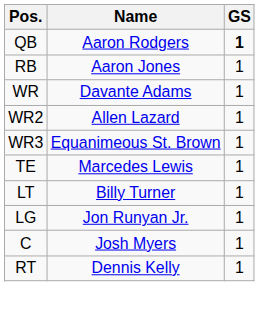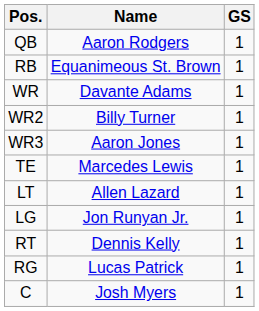 <table class="wikitable" style="text-align:center">
 <tr>
 <th>Pos.</th>
 <th>Name</th>
 <th>GS</th>
 </tr>
 <tr>
 <td>QB</td>
 <td><a href='#'>Aaron Rodgers</a></td>
-<td><strong>1</strong></td>
+<td>1</td>
 </tr>
 <tr>
 <td>RB</td>
-<td><a href='#'>Aaron Jones</a></td>
+<td><a href='#'>Equanimeous St. Brown</a></td>
 <td>1</td>
 </tr>
 <tr>
 <td>WR</td>
 <td><a href='#'>Davante Adams</a></td>
 <td>1</td>
 </tr>
 <tr>
 <td>WR2</td>
-<td><a href='#'>Allen Lazard</a></td>
+<td><a href='#'>Billy Turner</a></td>
 <td>1</td>
 </tr>
 <tr>
 <td>WR3</td>
-<td><a href='#'>Equanimeous St. Brown</a></td>
+<td><a href='#'>Aaron Jones</a></td>
 <td>1</td>
 </tr>
 <tr>
 <td>TE</td>
 <td><a href='#'>Marcedes Lewis</a></td>
 <td>1</td>
 </tr>
 <tr>
 <td>LT</td>
-<td><a href='#'>Billy Turner</a></td>
+<td><a href='#'>Allen Lazard</a></td>
 <td>1</td>
 </tr>
 <tr>
 <td>LG</td>
 <td><a href='#'>Jon Runyan Jr.</a></td>
 <td>1</td>
 </tr>
 <tr>
+<td>RT</td>
+<td><a href='#'>Dennis Kelly</a></td>
+<td>1</td>
+</tr>
+<tr>
+<td>RG</td>
+<td><a href='#'>Lucas Patrick</a></td>
+<td>1</td>
+</tr>
+<tr>
 <td>C</td>
 <td><a href='#'>Josh Myers</a></td>
 <td>1</td>
 </tr>
-<tr>
-<td>RT</td>
-<td><a href='#'>Dennis Kelly</a></td>
-<td>1</td>
-</tr>
 </table>
